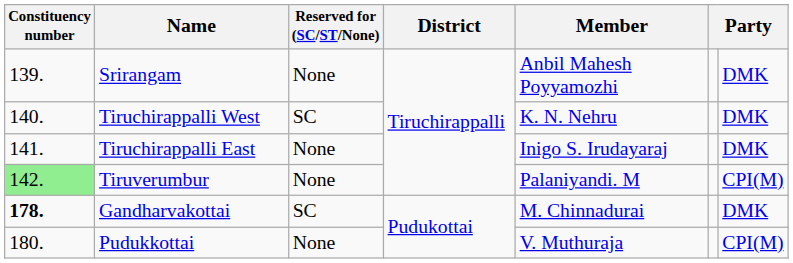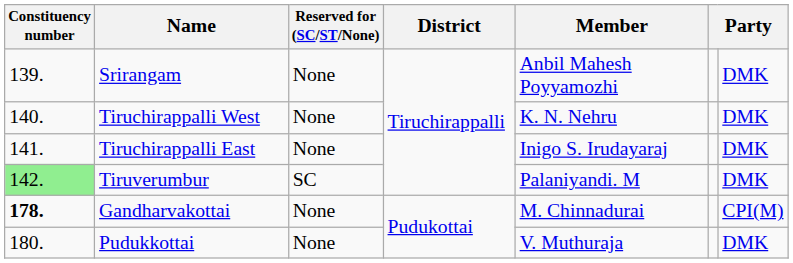 <table class="wikitable sortable">
 <tr>
 <th width="50px" style="font-size:75%">Constituency number</th>
 <th width="150px">Name</th>
 <th width="40px" style="font-size:75%">Reserved for (<a href='#'>SC</a>/<a href='#'>ST</a>/None)</th>
 <th width="100px">District</th>
 <th width="150px">Member</th>
 <th colspan="2">Party</th>
 </tr>
 <tr>
 <td>139.</td>
 <td><a href='#'>Srirangam</a></td>
 <td>None</td>
 <td rowspan="4"><a href='#'>Tiruchirappalli</a></td>
 <td><a href='#'>Anbil Mahesh Poyyamozhi</a></td>
 <td style="background-color: "></td>
 <td><a href='#'>DMK</a></td>
 </tr>
 <tr>
 <td>140.</td>
 <td><a href='#'>Tiruchirappalli West</a></td>
-<td>SC</td>
+<td>None</td>
 <td><a href='#'>K. N. Nehru</a></td>
 <td style="background-color: "></td>
 <td><a href='#'>DMK</a></td>
 </tr>
 <tr>
 <td>141.</td>
 <td><a href='#'>Tiruchirappalli East</a></td>
 <td>None</td>
 <td><a href='#'>Inigo S. Irudayaraj</a></td>
 <td style="background-color: "></td>
 <td><a href='#'>DMK</a></td>
 </tr>
 <tr>
 <td style="background: lightgreen;">142.</td>
 <td><a href='#'>Tiruverumbur</a></td>
-<td>None</td>
+<td>SC</td>
 <td><a href='#'>Palaniyandi. M</a></td>
 <td style="background-color: "></td>
-<td><a href='#'>CPI(M)</a></td>
+<td><a href='#'>DMK</a></td>
 </tr>
 <tr>
 <td><strong>178.</strong></td>
 <td><a href='#'>Gandharvakottai</a></td>
-<td>SC</td>
+<td>None</td>
 <td rowspan="2"><a href='#'>Pudukottai</a></td>
 <td><a href='#'>M. Chinnadurai</a></td>
 <td style="background-color: "></td>
-<td><a href='#'>DMK</a></td>
+<td><a href='#'>CPI(M)</a></td>
 </tr>
 <tr>
 <td>180.</td>
 <td><a href='#'>Pudukkottai</a></td>
 <td>None</td>
 <td><a href='#'>V. Muthuraja</a></td>
 <td style="background-color: "></td>
-<td><a href='#'>CPI(M)</a></td>
+<td><a href='#'>DMK</a></td>
 </tr>
 </table>
